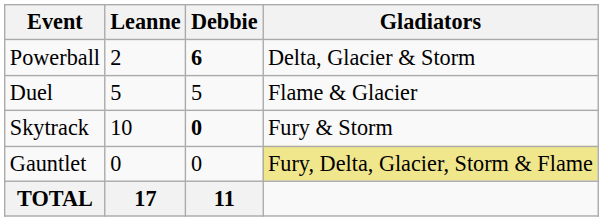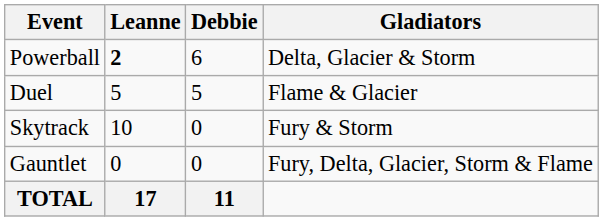 <table class="wikitable">
 <tr>
 <th>Event</th>
 <th>Leanne</th>
 <th>Debbie</th>
 <th>Gladiators</th>
 </tr>
 <tr>
 <td>Powerball</td>
-<td>2</td>
-<td><strong>6</strong></td>
+<td><strong>2</strong></td>
+<td>6</td>
 <td>Delta, Glacier & Storm</td>
 </tr>
 <tr>
 <td>Duel</td>
 <td>5</td>
 <td>5</td>
 <td>Flame & Glacier</td>
 </tr>
 <tr>
 <td>Skytrack</td>
 <td>10</td>
-<td><strong>0</strong></td>
+<td>0</td>
 <td>Fury & Storm</td>
 </tr>
 <tr>
 <td>Gauntlet</td>
 <td>0</td>
 <td>0</td>
-<td style="background: khaki;">Fury, Delta, Glacier, Storm & Flame</td>
+<td>Fury, Delta, Glacier, Storm & Flame</td>
 </tr>
 <tr>
 <th>TOTAL</th>
 <th>17</th>
 <th>11</th>
 </tr>
 </table>
